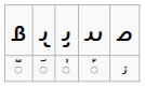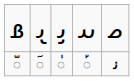 <table class="wikitable">
 <tr align="center" style="font-size:200%;font-family:'Noto Sans Hanifi Rohingya';" |>
 <td>𐴡</td>
 <td>𐴠</td>
 <td>𐴞</td>
 <td>𐴟</td>
 <td>𐴝</td>
 </tr>
 <tr align="center">
 <td>𐴧</td>
 <td>𐴦</td>
 <td>𐴥</td>
 <td>𐴤</td>
-<td>𐴣</td>
+<td><strong>𐴣</strong></td>
 </tr>
 </table>
